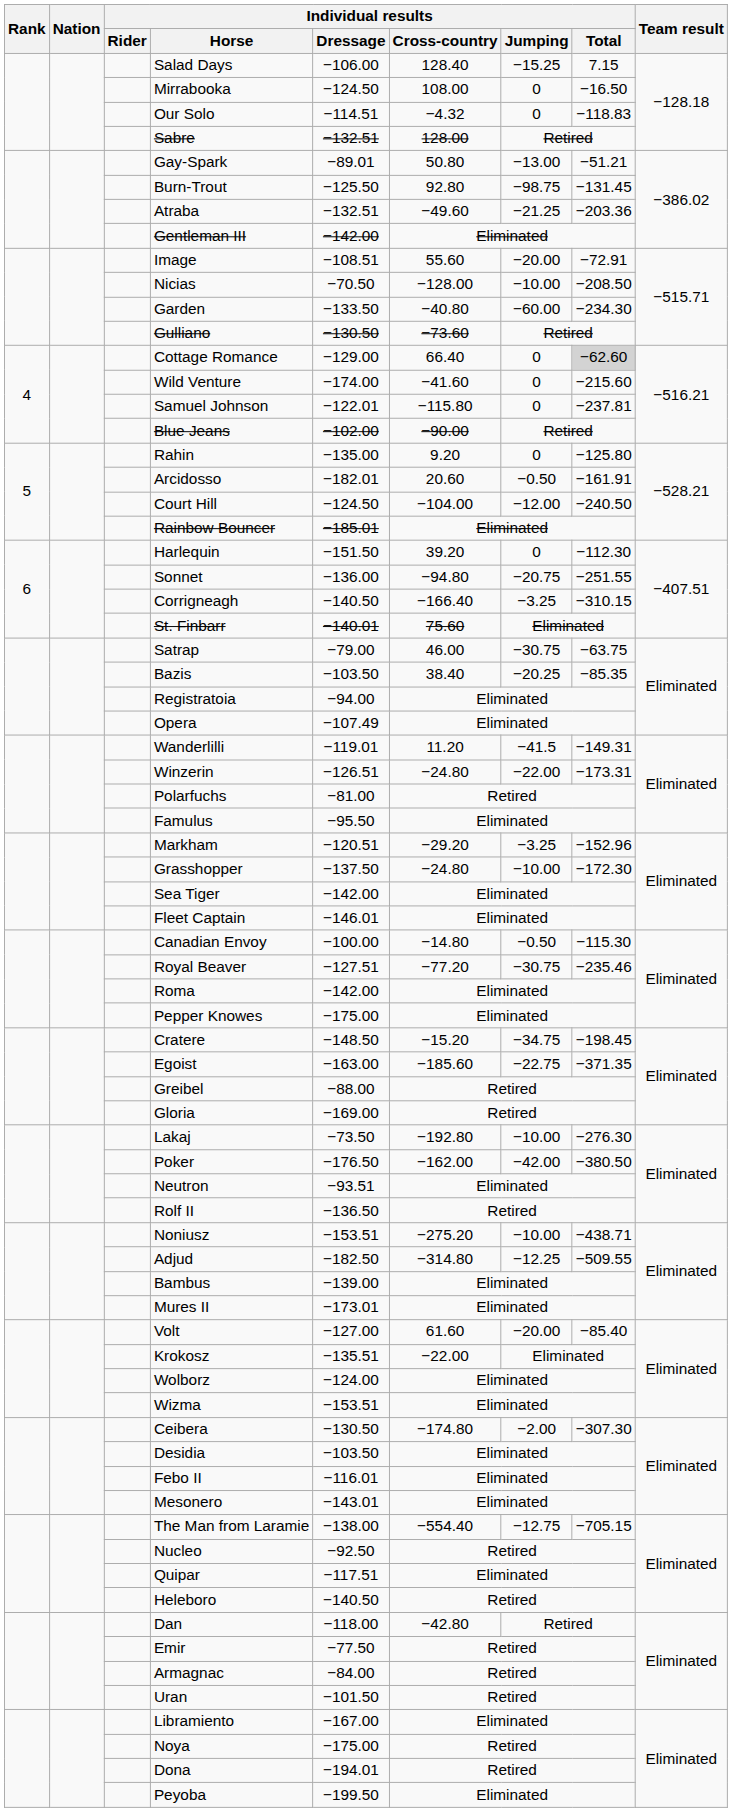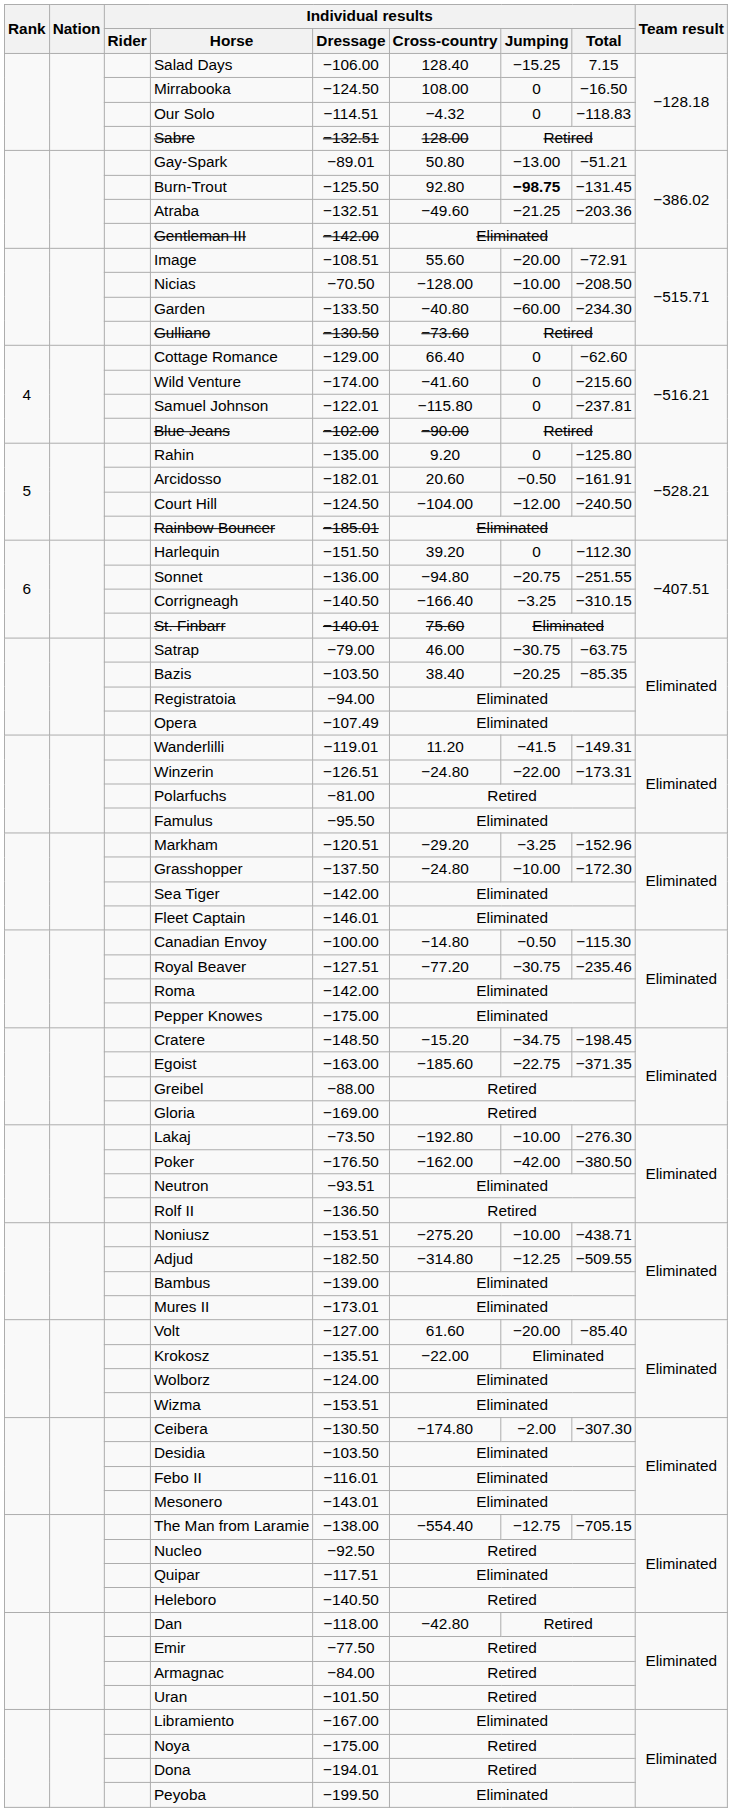 <table class="wikitable sortable" style="text-align:center">
 <tr>
 <th rowspan=2>Rank</th>
 <th rowspan=2>Nation</th>
 <th colspan=6>Individual results</th>
 <th rowspan=2>Team result</th>
 </tr>
 <tr>
 <th>Rider</th>
 <th>Horse</th>
 <th>Dressage</th>
 <th>Cross-country</th>
 <th>Jumping</th>
 <th>Total</th>
 </tr>
 <tr>
 <td rowspan=4></td>
 <td rowspan=4 align=left></td>
 <td align=left></td>
 <td align=left>Salad Days</td>
 <td>−106.00</td>
 <td>128.40</td>
 <td>−15.25</td>
 <td>7.15</td>
 <td rowspan=4>−128.18</td>
 </tr>
 <tr>
 <td align=left></td>
 <td align=left>Mirrabooka</td>
 <td>−124.50</td>
 <td>108.00</td>
 <td>0</td>
 <td>−16.50</td>
 </tr>
 <tr>
 <td align=left></td>
 <td align=left>Our Solo</td>
 <td>−114.51</td>
 <td>−4.32</td>
 <td>0</td>
 <td>−118.83</td>
 </tr>
 <tr style="text-decoration: line-through;">
 <td align=left></td>
 <td align=left>Sabre</td>
 <td>−132.51</td>
 <td>128.00</td>
 <td colspan=2>Retired</td>
 </tr>
 <tr>
 <td rowspan=4></td>
 <td rowspan=4 align=left></td>
 <td align=left></td>
 <td align=left>Gay-Spark</td>
 <td>−89.01</td>
 <td>50.80</td>
 <td>−13.00</td>
 <td>−51.21</td>
 <td rowspan=4>−386.02</td>
 </tr>
 <tr>
 <td align=left></td>
 <td align=left>Burn-Trout</td>
 <td>−125.50</td>
 <td>92.80</td>
-<td>−98.75</td>
+<td><strong>−98.75</strong></td>
 <td>−131.45</td>
 </tr>
 <tr>
 <td align=left></td>
 <td align=left>Atraba</td>
 <td>−132.51</td>
 <td>−49.60</td>
 <td>−21.25</td>
 <td>−203.36</td>
 </tr>
 <tr style="text-decoration: line-through;">
 <td align=left></td>
 <td align=left>Gentleman III</td>
 <td>−142.00</td>
 <td colspan=3>Eliminated</td>
 </tr>
 <tr>
 <td rowspan=4></td>
 <td rowspan=4 align=left></td>
 <td align=left></td>
 <td align=left>Image</td>
 <td>−108.51</td>
 <td>55.60</td>
 <td>−20.00</td>
 <td>−72.91</td>
 <td rowspan=4>−515.71</td>
 </tr>
 <tr>
 <td align=left></td>
 <td align=left>Nicias</td>
 <td>−70.50</td>
 <td>−128.00</td>
 <td>−10.00</td>
 <td>−208.50</td>
 </tr>
 <tr>
 <td align=left></td>
 <td align=left>Garden</td>
 <td>−133.50</td>
 <td>−40.80</td>
 <td>−60.00</td>
 <td>−234.30</td>
 </tr>
 <tr style="text-decoration: line-through;">
 <td align=left></td>
 <td align=left>Gulliano</td>
 <td>−130.50</td>
 <td>−73.60</td>
 <td colspan=2>Retired</td>
 </tr>
 <tr>
 <td rowspan=4>4</td>
 <td rowspan=4 align=left></td>
 <td align=left></td>
 <td align=left>Cottage Romance</td>
 <td>−129.00</td>
 <td>66.40</td>
 <td>0</td>
-<td style="background: lightgrey;">−62.60</td>
+<td>−62.60</td>
 <td rowspan=4>−516.21</td>
 </tr>
 <tr>
 <td align=left></td>
 <td align=left>Wild Venture</td>
 <td>−174.00</td>
 <td>−41.60</td>
 <td>0</td>
 <td>−215.60</td>
 </tr>
 <tr>
 <td align=left></td>
 <td align=left>Samuel Johnson</td>
 <td>−122.01</td>
 <td>−115.80</td>
 <td>0</td>
 <td>−237.81</td>
 </tr>
 <tr style="text-decoration: line-through;">
 <td align=left></td>
 <td align=left>Blue Jeans</td>
 <td>−102.00</td>
 <td>−90.00</td>
 <td colspan=2>Retired</td>
 </tr>
 <tr>
 <td rowspan=4>5</td>
 <td rowspan=4 align=left></td>
 <td align=left></td>
 <td align=left>Rahin</td>
 <td>−135.00</td>
 <td>9.20</td>
 <td>0</td>
 <td>−125.80</td>
 <td rowspan=4>−528.21</td>
 </tr>
 <tr>
 <td align=left></td>
 <td align=left>Arcidosso</td>
 <td>−182.01</td>
 <td>20.60</td>
 <td>−0.50</td>
 <td>−161.91</td>
 </tr>
 <tr>
 <td align=left></td>
 <td align=left>Court Hill</td>
 <td>−124.50</td>
 <td>−104.00</td>
 <td>−12.00</td>
 <td>−240.50</td>
 </tr>
 <tr style="text-decoration: line-through;">
 <td align=left></td>
 <td align=left>Rainbow Bouncer</td>
 <td>−185.01</td>
 <td colspan=3>Eliminated</td>
 </tr>
 <tr>
 <td rowspan=4>6</td>
 <td rowspan=4 align=left></td>
 <td align=left></td>
 <td align=left>Harlequin</td>
 <td>−151.50</td>
 <td>39.20</td>
 <td>0</td>
 <td>−112.30</td>
 <td rowspan=4>−407.51</td>
 </tr>
 <tr>
 <td align=left></td>
 <td align=left>Sonnet</td>
 <td>−136.00</td>
 <td>−94.80</td>
 <td>−20.75</td>
 <td>−251.55</td>
 </tr>
 <tr>
 <td align=left></td>
 <td align=left>Corrigneagh</td>
 <td>−140.50</td>
 <td>−166.40</td>
 <td>−3.25</td>
 <td>−310.15</td>
 </tr>
 <tr style="text-decoration: line-through;">
 <td align=left></td>
 <td align=left>St. Finbarr</td>
 <td>−140.01</td>
 <td>75.60</td>
 <td colspan=2>Eliminated</td>
 </tr>
 <tr>
 <td rowspan=4></td>
 <td rowspan=4 align=left></td>
 <td align=left></td>
 <td align=left>Satrap</td>
 <td>−79.00</td>
 <td>46.00</td>
 <td>−30.75</td>
 <td>−63.75</td>
 <td rowspan=4>Eliminated</td>
 </tr>
 <tr>
 <td align=left></td>
 <td align=left>Bazis</td>
 <td>−103.50</td>
 <td>38.40</td>
 <td>−20.25</td>
 <td>−85.35</td>
 </tr>
 <tr>
 <td align=left></td>
 <td align=left>Registratoia</td>
 <td>−94.00</td>
 <td colspan=3>Eliminated</td>
 </tr>
 <tr>
 <td align=left></td>
 <td align=left>Opera</td>
 <td>−107.49</td>
 <td colspan=3>Eliminated</td>
 </tr>
 <tr>
 <td rowspan=4></td>
 <td rowspan=4 align=left></td>
 <td align=left></td>
 <td align=left>Wanderlilli</td>
 <td>−119.01</td>
 <td>11.20</td>
 <td>−41.5</td>
 <td>−149.31</td>
 <td rowspan=4>Eliminated</td>
 </tr>
 <tr>
 <td align=left></td>
 <td align=left>Winzerin</td>
 <td>−126.51</td>
 <td>−24.80</td>
 <td>−22.00</td>
 <td>−173.31</td>
 </tr>
 <tr>
 <td align=left></td>
 <td align=left>Polarfuchs</td>
 <td>−81.00</td>
 <td colspan=3>Retired</td>
 </tr>
 <tr>
 <td align=left></td>
 <td align=left>Famulus</td>
 <td>−95.50</td>
 <td colspan=3>Eliminated</td>
 </tr>
 <tr>
 <td rowspan=4></td>
 <td rowspan=4 align=left></td>
 <td align=left></td>
 <td align=left>Markham</td>
 <td>−120.51</td>
 <td>−29.20</td>
 <td>−3.25</td>
 <td>−152.96</td>
 <td rowspan=4>Eliminated</td>
 </tr>
 <tr>
 <td align=left></td>
 <td align=left>Grasshopper</td>
 <td>−137.50</td>
 <td>−24.80</td>
 <td>−10.00</td>
 <td>−172.30</td>
 </tr>
 <tr>
 <td align=left></td>
 <td align=left>Sea Tiger</td>
 <td>−142.00</td>
 <td colspan=3>Eliminated</td>
 </tr>
 <tr>
 <td align=left></td>
 <td align=left>Fleet Captain</td>
 <td>−146.01</td>
 <td colspan=3>Eliminated</td>
 </tr>
 <tr>
 <td rowspan=4></td>
 <td rowspan=4 align=left></td>
 <td align=left></td>
 <td align=left>Canadian Envoy</td>
 <td>−100.00</td>
 <td>−14.80</td>
 <td>−0.50</td>
 <td>−115.30</td>
 <td rowspan=4>Eliminated</td>
 </tr>
 <tr>
 <td align=left></td>
 <td align=left>Royal Beaver</td>
 <td>−127.51</td>
 <td>−77.20</td>
 <td>−30.75</td>
 <td>−235.46</td>
 </tr>
 <tr>
 <td align=left></td>
 <td align=left>Roma</td>
 <td>−142.00</td>
 <td colspan=3>Eliminated</td>
 </tr>
 <tr>
 <td align=left></td>
 <td align=left>Pepper Knowes</td>
 <td>−175.00</td>
 <td colspan=3>Eliminated</td>
 </tr>
 <tr>
 <td rowspan=4></td>
 <td rowspan=4 align=left></td>
 <td align=left></td>
 <td align=left>Cratere</td>
 <td>−148.50</td>
 <td>−15.20</td>
 <td>−34.75</td>
 <td>−198.45</td>
 <td rowspan=4>Eliminated</td>
 </tr>
 <tr>
 <td align=left></td>
 <td align=left>Egoist</td>
 <td>−163.00</td>
 <td>−185.60</td>
 <td>−22.75</td>
 <td>−371.35</td>
 </tr>
 <tr>
 <td align=left></td>
 <td align=left>Greibel</td>
 <td>−88.00</td>
 <td colspan=3>Retired</td>
 </tr>
 <tr>
 <td align=left></td>
 <td align=left>Gloria</td>
 <td>−169.00</td>
 <td colspan=3>Retired</td>
 </tr>
 <tr>
 <td rowspan=4></td>
 <td rowspan=4 align=left></td>
 <td align=left></td>
 <td align=left>Lakaj</td>
 <td>−73.50</td>
 <td>−192.80</td>
 <td>−10.00</td>
 <td>−276.30</td>
 <td rowspan=4>Eliminated</td>
 </tr>
 <tr>
 <td align=left></td>
 <td align=left>Poker</td>
 <td>−176.50</td>
 <td>−162.00</td>
 <td>−42.00</td>
 <td>−380.50</td>
 </tr>
 <tr>
 <td align=left></td>
 <td align=left>Neutron</td>
 <td>−93.51</td>
 <td colspan=3>Eliminated</td>
 </tr>
 <tr>
 <td align=left></td>
 <td align=left>Rolf II</td>
 <td>−136.50</td>
 <td colspan=3>Retired</td>
 </tr>
 <tr>
 <td rowspan=4></td>
 <td rowspan=4 align=left></td>
 <td align=left></td>
 <td align=left>Noniusz</td>
 <td>−153.51</td>
 <td>−275.20</td>
 <td>−10.00</td>
 <td>−438.71</td>
 <td rowspan=4>Eliminated</td>
 </tr>
 <tr>
 <td align=left></td>
 <td align=left>Adjud</td>
 <td>−182.50</td>
 <td>−314.80</td>
 <td>−12.25</td>
 <td>−509.55</td>
 </tr>
 <tr>
 <td align=left></td>
 <td align=left>Bambus</td>
 <td>−139.00</td>
 <td colspan=3>Eliminated</td>
 </tr>
 <tr>
 <td align=left></td>
 <td align=left>Mures II</td>
 <td>−173.01</td>
 <td colspan=3>Eliminated</td>
 </tr>
 <tr>
 <td rowspan=4></td>
 <td rowspan=4 align=left></td>
 <td align=left></td>
 <td align=left>Volt</td>
 <td>−127.00</td>
 <td>61.60</td>
 <td>−20.00</td>
 <td>−85.40</td>
 <td rowspan=4>Eliminated</td>
 </tr>
 <tr>
 <td align=left></td>
 <td align=left>Krokosz</td>
 <td>−135.51</td>
 <td>−22.00</td>
 <td colspan=2>Eliminated</td>
 </tr>
 <tr>
 <td align=left></td>
 <td align=left>Wolborz</td>
 <td>−124.00</td>
 <td colspan=3>Eliminated</td>
 </tr>
 <tr>
 <td align=left></td>
 <td align=left>Wizma</td>
 <td>−153.51</td>
 <td colspan=3>Eliminated</td>
 </tr>
 <tr>
 <td rowspan=4></td>
 <td rowspan=4 align=left></td>
 <td align=left></td>
 <td align=left>Ceibera</td>
 <td>−130.50</td>
 <td>−174.80</td>
 <td>−2.00</td>
 <td>−307.30</td>
 <td rowspan=4>Eliminated</td>
 </tr>
 <tr>
 <td align=left></td>
 <td align=left>Desidia</td>
 <td>−103.50</td>
 <td colspan=3>Eliminated</td>
 </tr>
 <tr>
 <td align=left></td>
 <td align=left>Febo II</td>
 <td>−116.01</td>
 <td colspan=3>Eliminated</td>
 </tr>
 <tr>
 <td align=left></td>
 <td align=left>Mesonero</td>
 <td>−143.01</td>
 <td colspan=3>Eliminated</td>
 </tr>
 <tr>
 <td rowspan=4></td>
 <td rowspan=4 align=left></td>
 <td align=left></td>
 <td align=left>The Man from Laramie</td>
 <td>−138.00</td>
 <td>−554.40</td>
 <td>−12.75</td>
 <td>−705.15</td>
 <td rowspan=4>Eliminated</td>
 </tr>
 <tr>
 <td align=left></td>
 <td align=left>Nucleo</td>
 <td>−92.50</td>
 <td colspan=3>Retired</td>
 </tr>
 <tr>
 <td align=left></td>
 <td align=left>Quipar</td>
 <td>−117.51</td>
 <td colspan=3>Eliminated</td>
 </tr>
 <tr>
 <td align=left></td>
 <td align=left>Heleboro</td>
 <td>−140.50</td>
 <td colspan=3>Retired</td>
 </tr>
 <tr>
 <td rowspan=4></td>
 <td rowspan=4 align=left></td>
 <td align=left></td>
 <td align=left>Dan</td>
 <td>−118.00</td>
 <td>−42.80</td>
 <td colspan=2>Retired</td>
 <td rowspan=4>Eliminated</td>
 </tr>
 <tr>
 <td align=left></td>
 <td align=left>Emir</td>
 <td>−77.50</td>
 <td colspan=3>Retired</td>
 </tr>
 <tr>
 <td align=left></td>
 <td align=left>Armagnac</td>
 <td>−84.00</td>
 <td colspan=3>Retired</td>
 </tr>
 <tr>
 <td align=left></td>
 <td align=left>Uran</td>
 <td>−101.50</td>
 <td colspan=3>Retired</td>
 </tr>
 <tr>
 <td rowspan=4></td>
 <td rowspan=4 align=left></td>
 <td align=left></td>
 <td align=left>Libramiento</td>
 <td>−167.00</td>
 <td colspan=3>Eliminated</td>
 <td rowspan=4>Eliminated</td>
 </tr>
 <tr>
 <td align=left></td>
 <td align=left>Noya</td>
 <td>−175.00</td>
 <td colspan=3>Retired</td>
 </tr>
 <tr>
 <td align=left></td>
 <td align=left>Dona</td>
 <td>−194.01</td>
 <td colspan=3>Retired</td>
 </tr>
 <tr>
 <td align=left></td>
 <td align=left>Peyoba</td>
 <td>−199.50</td>
 <td colspan=3>Eliminated</td>
 </tr>
 </table>
